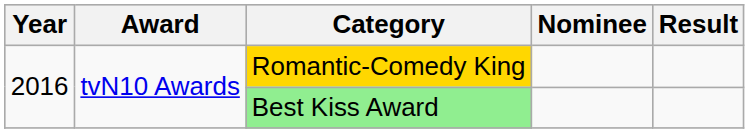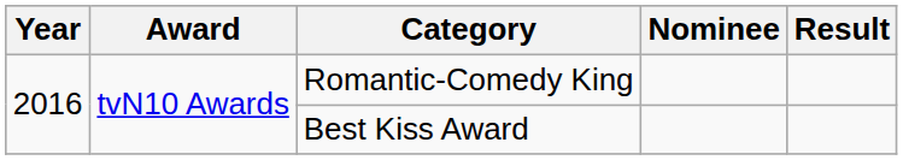 <table class="wikitable">
 <tr>
 <th>Year</th>
 <th>Award</th>
 <th>Category</th>
 <th>Nominee</th>
 <th>Result</th>
 </tr>
 <tr>
 <td rowspan="2">2016</td>
 <td rowspan="2"><a href='#'>tvN10 Awards</a></td>
-<td style="background: gold;">Romantic-Comedy King</td>
+<td>Romantic-Comedy King</td>
 <td></td>
 <td></td>
 </tr>
 <tr>
-<td style="background: lightgreen;">Best Kiss Award</td>
+<td>Best Kiss Award</td>
 <td></td>
 <td></td>
 </tr>
 </table>
